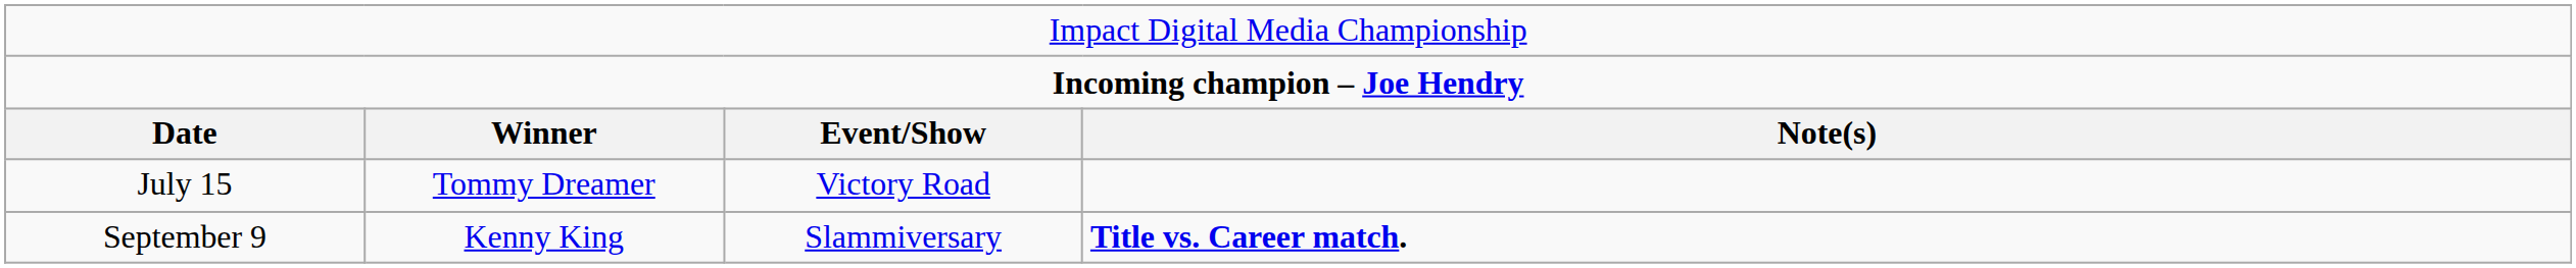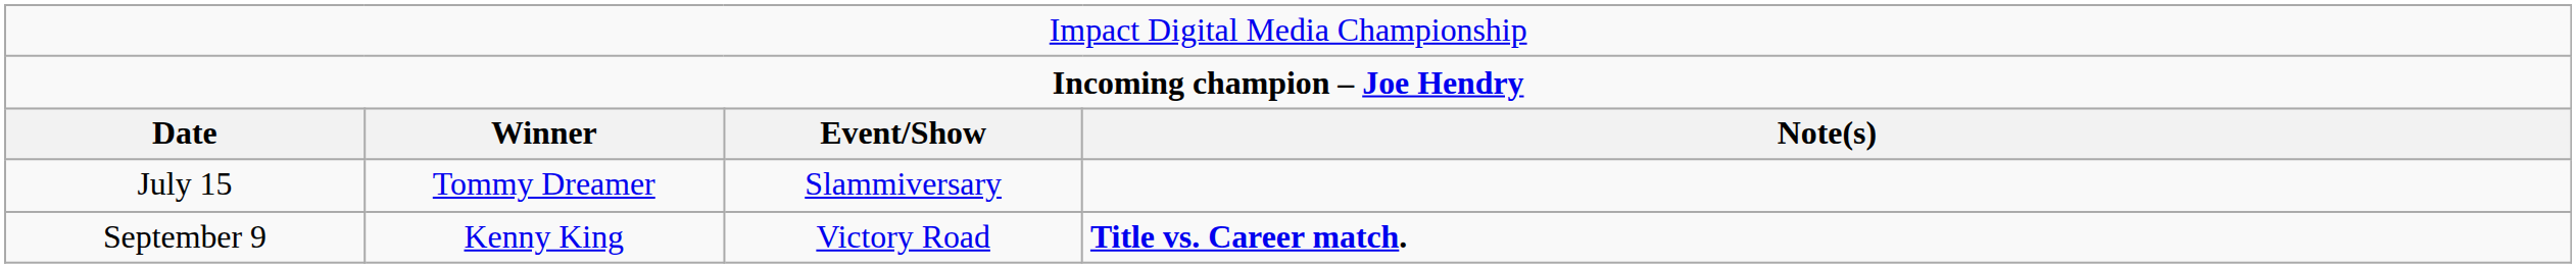 <table class="wikitable" style="text-align:center; width:100%;">
 <tr>
 <td colspan="5" style="text-align: center;"><a href='#'>Impact Digital Media Championship</a></td>
 </tr>
 <tr>
 <td colspan="5" style="text-align: center;"><strong>Incoming champion – <a href='#'>Joe Hendry</a></strong></td>
 </tr>
 <tr>
 <th width=14%>Date</th>
 <th width=14%>Winner</th>
 <th width=14%>Event/Show</th>
 <th width=58%>Note(s)</th>
 </tr>
 <tr>
 <td>July 15</td>
 <td><a href='#'>Tommy Dreamer</a></td>
-<td><a href='#'>Victory Road</a></td>
+<td><a href='#'>Slammiversary</a><br></td>
 <td></td>
 </tr>
 <tr>
 <td>September 9</td>
 <td><a href='#'>Kenny King</a></td>
-<td><a href='#'>Slammiversary</a><br></td>
+<td><a href='#'>Victory Road</a></td>
 <td align=left><strong><a href='#'>Title vs. Career match</a>.</strong></td>
 </tr>
 </table>
